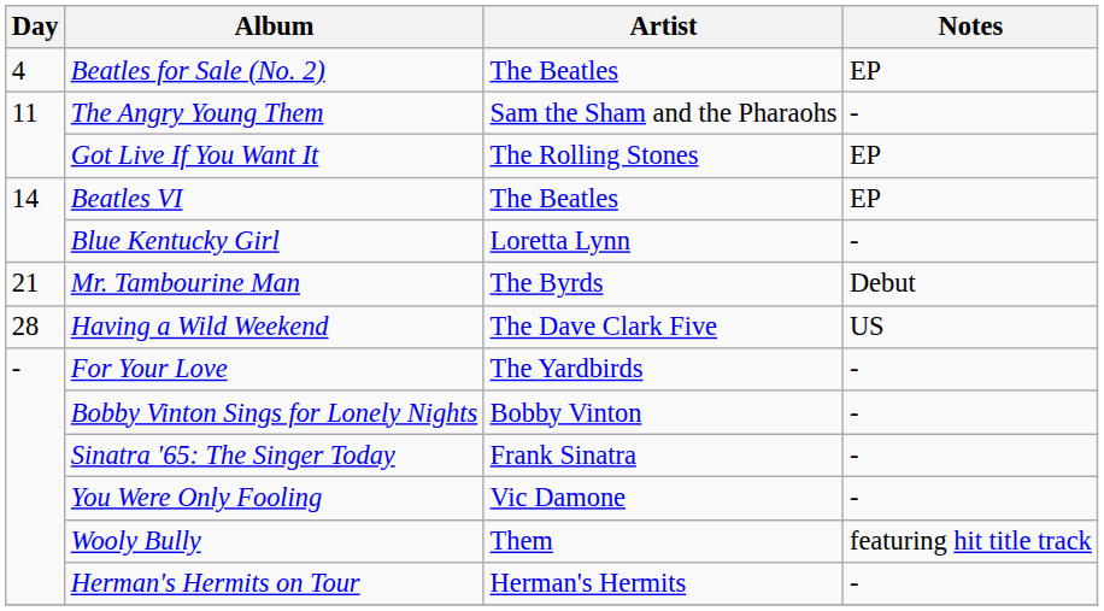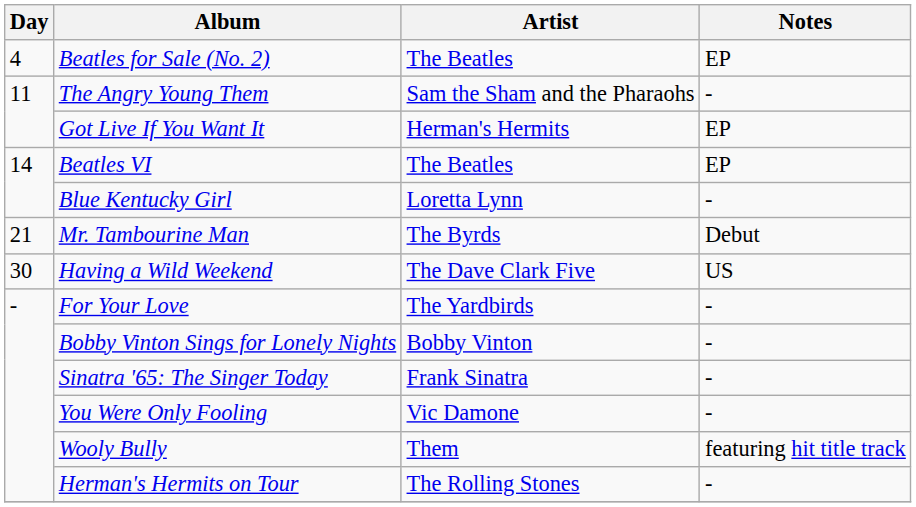 <table class="wikitable">
 <tr>
 <th>Day</th>
 <th>Album</th>
 <th>Artist</th>
 <th>Notes</th>
 </tr>
 <tr>
 <td rowspan="1" valign="top'">4</td>
 <td><em><a href='#'>Beatles for Sale (No. 2)</a></em></td>
 <td><a href='#'>The Beatles</a></td>
 <td>EP</td>
 </tr>
 <tr>
 <td rowspan="2" valign="top">11</td>
 <td><em><a href='#'>The Angry Young Them</a></em></td>
 <td><a href='#'>Sam the Sham</a> and the Pharaohs</td>
 <td>-</td>
 </tr>
 <tr>
 <td><em><a href='#'>Got Live If You Want It</a></em></td>
-<td><a href='#'>The Rolling Stones</a></td>
+<td><a href='#'>Herman's Hermits</a></td>
 <td>EP</td>
 </tr>
 <tr>
 <td rowspan="2" valign="top">14</td>
 <td><em><a href='#'>Beatles VI</a></em></td>
 <td><a href='#'>The Beatles</a></td>
 <td>EP</td>
 </tr>
 <tr>
 <td><em><a href='#'>Blue Kentucky Girl</a></em></td>
 <td><a href='#'>Loretta Lynn</a></td>
 <td>-</td>
 </tr>
 <tr>
 <td rowspan="1" valign="top">21</td>
 <td><em><a href='#'>Mr. Tambourine Man</a></em></td>
 <td><a href='#'>The Byrds</a></td>
 <td>Debut</td>
 </tr>
 <tr>
-<td rowspan="1" valign="top">28</td>
+<td rowspan="1" valign="top">30</td>
 <td><em><a href='#'>Having a Wild Weekend</a></em></td>
 <td><a href='#'>The Dave Clark Five</a></td>
 <td>US</td>
 </tr>
 <tr>
 <td rowspan="6" valign="top">-</td>
 <td><em><a href='#'>For Your Love</a></em></td>
 <td><a href='#'>The Yardbirds</a></td>
 <td>-</td>
 </tr>
 <tr>
 <td><em><a href='#'>Bobby Vinton Sings for Lonely Nights</a></em></td>
 <td><a href='#'>Bobby Vinton</a></td>
 <td>-</td>
 </tr>
 <tr>
 <td><em><a href='#'>Sinatra '65: The Singer Today</a></em></td>
 <td><a href='#'>Frank Sinatra</a></td>
 <td>-</td>
 </tr>
 <tr>
 <td><em><a href='#'>You Were Only Fooling</a></em></td>
 <td><a href='#'>Vic Damone</a></td>
 <td>-</td>
 </tr>
 <tr>
 <td><em><a href='#'>Wooly Bully</a></em></td>
 <td><a href='#'>Them</a></td>
 <td>featuring <a href='#'>hit title track</a></td>
 </tr>
 <tr>
 <td><em><a href='#'>Herman's Hermits on Tour</a></em></td>
-<td><a href='#'>Herman's Hermits</a></td>
+<td><a href='#'>The Rolling Stones</a></td>
 <td>-</td>
 </tr>
 <tr>
 </tr>
 </table>
